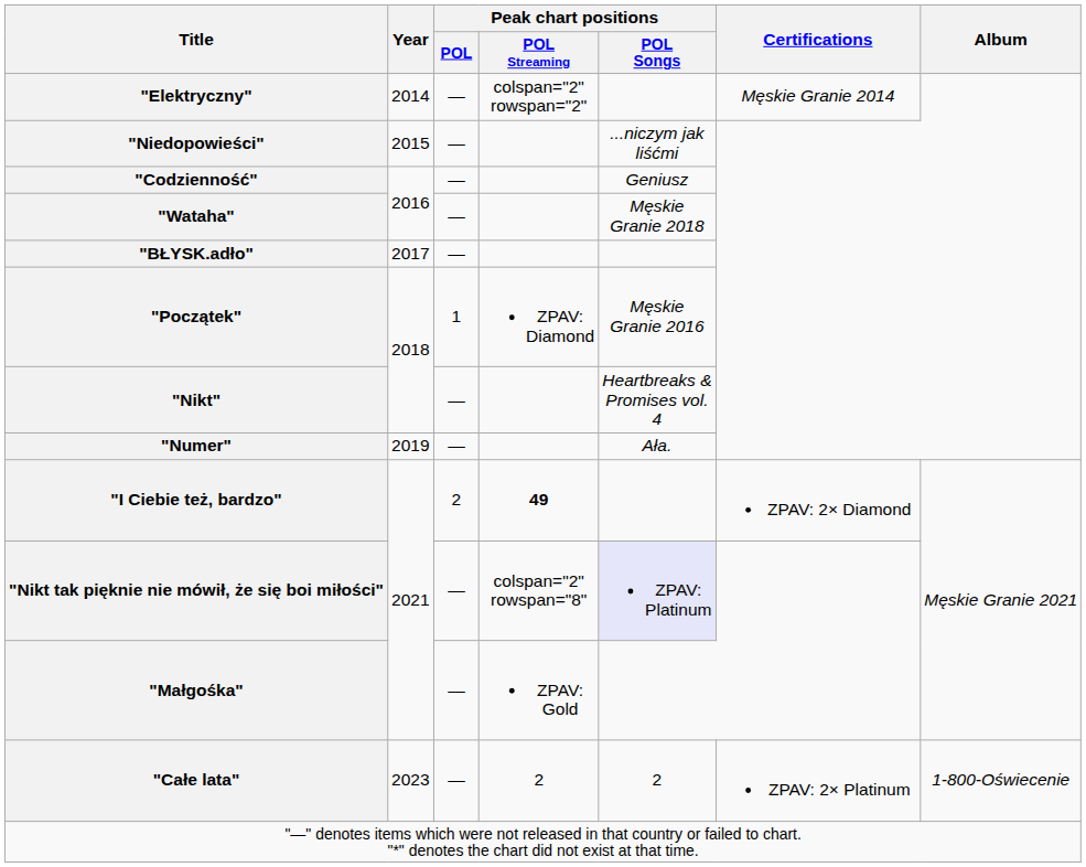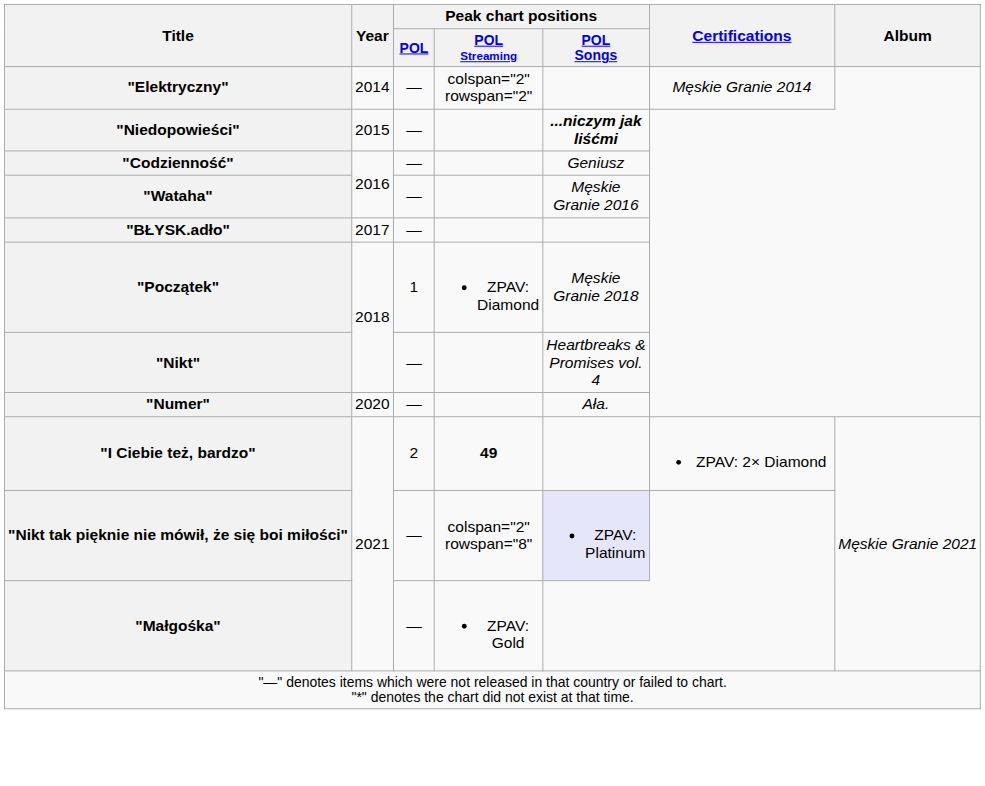 <table class="wikitable plainrowheaders" style="text-align:center;">
 <tr>
 <th scope="col" rowspan="2">Title</th>
 <th scope="col" rowspan="2" style="width:1em;">Year</th>
 <th scope="col" colspan="3">Peak chart positions</th>
 <th scope="col" rowspan="2" style="width:11.5em;"><a href='#'>Certifications</a></th>
 <th scope="col" rowspan="2">Album</th>
 </tr>
 <tr>
 <th style="width:2.5em;font-size:90%;"><a href='#'>POL</a><br></th>
 <th style="width:2.5em;font-size:90%;"><a href='#'>POL<br><small>Streaming</small></a><br></th>
 <th style="width:2.5em;font-size:90%;"><a href='#'>POL<br>Songs</a><br></th>
 </tr>
 <tr>
 <th scope="row">"Elektryczny"<br></th>
 <td>2014</td>
 <td>—</td>
 <td>colspan="2" rowspan="2" </td>
 <td></td>
 <td><em>Męskie Granie 2014</em></td>
 </tr>
 <tr>
 <th scope="row">"Niedopowieści"<br></th>
 <td>2015</td>
 <td>—</td>
 <td></td>
-<td><em>...niczym jak liśćmi</em></td>
+<td><strong><em>...niczym jak liśćmi</em></strong></td>
 </tr>
 <tr>
 <th scope="row">"Codzienność"<br></th>
 <td rowspan="2">2016</td>
 <td>—</td>
 <td></td>
 <td><em>Geniusz</em></td>
 </tr>
 <tr>
 <th scope="row">"Wataha"<br></th>
 <td>—</td>
 <td></td>
-<td><em>Męskie Granie 2018</em></td>
+<td><em>Męskie Granie 2016</em></td>
 </tr>
 <tr>
 <th scope="row">"BŁYSK.adło"<br></th>
 <td>2017</td>
 <td>—</td>
 <td></td>
 <td></td>
 </tr>
 <tr>
 <th scope="row">"Początek"<br></th>
 <td rowspan="2">2018</td>
 <td>1</td>
 <td><br><ul><li>ZPAV: Diamond</li></ul></td>
-<td><em>Męskie Granie 2016</em></td>
+<td><em>Męskie Granie 2018</em></td>
 </tr>
 <tr>
 <th scope="row">"Nikt"<br></th>
 <td>—</td>
 <td></td>
 <td><em>Heartbreaks & Promises vol. 4</em></td>
 </tr>
 <tr>
 <th scope="row">"Numer"<br></th>
-<td>2019</td>
+<td>2020</td>
 <td>—</td>
 <td></td>
 <td><em>Ała.</em></td>
 </tr>
 <tr>
 <th scope="row">"I Ciebie też, bardzo"<br></th>
 <td rowspan="3">2021</td>
 <td>2</td>
 <td><strong>49</strong></td>
 <td></td>
 <td><br><ul><li>ZPAV: 2× Diamond</li></ul></td>
 <td rowspan="3"><em>Męskie Granie 2021</em></td>
 </tr>
 <tr>
 <th scope="row">"Nikt tak pięknie nie mówił, że się boi miłości"<br></th>
 <td>—</td>
 <td>colspan="2" rowspan="8" </td>
 <td style="background: lavender;"><br><ul><li>ZPAV: Platinum</li></ul></td>
 </tr>
 <tr>
 <th scope="row">"Małgośka"<br></th>
 <td>—</td>
 <td><br><ul><li>ZPAV: Gold</li></ul></td>
 </tr>
 <tr>
-<th scope="row">"Całe lata"<br></th>
-<td>2023</td>
-<td>—</td>
-<td>2</td>
-<td>2</td>
-<td><br><ul><li>ZPAV: 2× Platinum</li></ul></td>
-<td><em>1-800-Oświecenie</em></td>
-</tr>
-<tr>
 <td colspan="7" style="font-size:90%;">"—" denotes items which were not released in that country or failed to chart.<br>"*" denotes the chart did not exist at that time.</td>
 </tr>
 </table>
